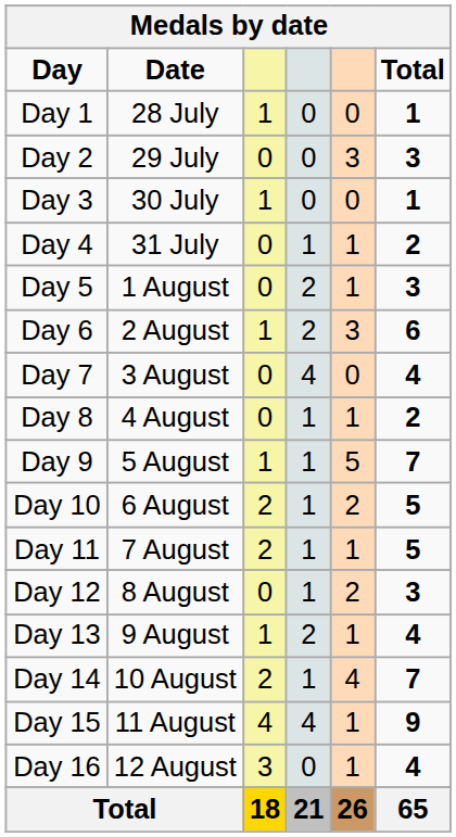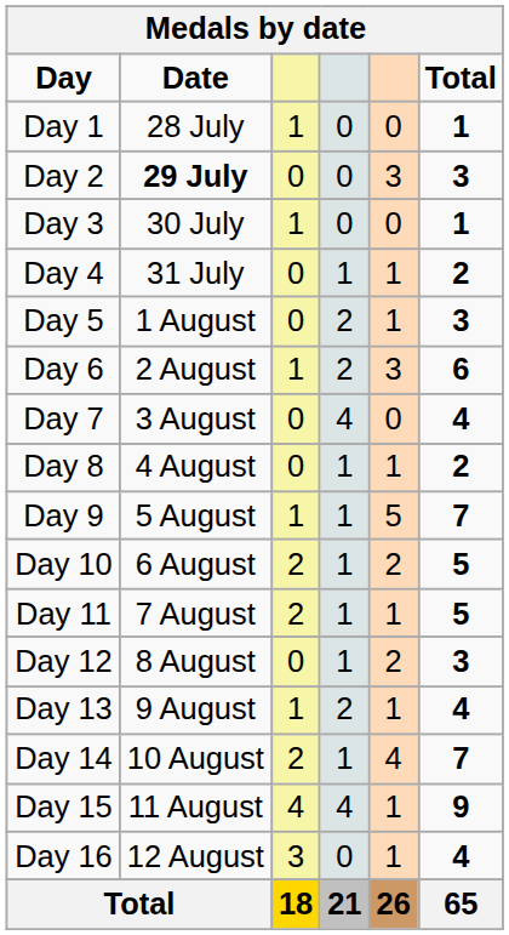 <table class=wikitable style="font-size:85%; float:right;">
 <tr bgcolor=efefef>
 <th colspan=7>Medals by date</th>
 </tr>
 <tr align=center>
 <td><strong>Day</strong></td>
 <td><strong>Date</strong></td>
 <td bgcolor=#f7f6a8></td>
 <td bgcolor=#dce5e5></td>
 <td bgcolor=#ffdab9></td>
 <td><strong>Total</strong></td>
 </tr>
 <tr align=center>
 <td>Day 1</td>
 <td>28 July</td>
 <td bgcolor=F7F6A8>1</td>
 <td bgcolor=DCE5E5>0</td>
 <td bgcolor=FFDAB9>0</td>
 <td><strong>1</strong></td>
 </tr>
 <tr align=center>
 <td>Day 2</td>
-<td>29 July</td>
+<td><strong>29 July</strong></td>
 <td bgcolor=F7F6A8>0</td>
 <td bgcolor=DCE5E5>0</td>
 <td bgcolor=FFDAB9>3</td>
 <td><strong>3</strong></td>
 </tr>
 <tr align=center>
 <td>Day 3</td>
 <td>30 July</td>
 <td bgcolor=F7F6A8>1</td>
 <td bgcolor=DCE5E5>0</td>
 <td bgcolor=FFDAB9>0</td>
 <td><strong>1</strong></td>
 </tr>
 <tr align=center>
 <td>Day 4</td>
 <td>31 July</td>
 <td bgcolor=F7F6A8>0</td>
 <td bgcolor=DCE5E5>1</td>
 <td bgcolor=FFDAB9>1</td>
 <td><strong>2</strong></td>
 </tr>
 <tr align=center>
 <td>Day 5</td>
 <td>1 August</td>
 <td bgcolor=F7F6A8>0</td>
 <td bgcolor=DCE5E5>2</td>
 <td bgcolor=FFDAB9>1</td>
 <td><strong>3</strong></td>
 </tr>
 <tr align=center>
 <td>Day 6</td>
 <td>2 August</td>
 <td bgcolor=F7F6A8>1</td>
 <td bgcolor=DCE5E5>2</td>
 <td bgcolor=FFDAB9>3</td>
 <td><strong>6</strong></td>
 </tr>
 <tr align=center>
 <td>Day 7</td>
 <td>3 August</td>
 <td bgcolor=F7F6A8>0</td>
 <td bgcolor=DCE5E5>4</td>
 <td bgcolor=FFDAB9>0</td>
 <td><strong>4</strong></td>
 </tr>
 <tr align=center>
 <td>Day 8</td>
 <td>4 August</td>
 <td bgcolor=F7F6A8>0</td>
 <td bgcolor=DCE5E5>1</td>
 <td bgcolor=FFDAB9>1</td>
 <td><strong>2</strong></td>
 </tr>
 <tr align=center>
 <td>Day 9</td>
 <td>5 August</td>
 <td bgcolor=F7F6A8>1</td>
 <td bgcolor=DCE5E5>1</td>
 <td bgcolor=FFDAB9>5</td>
 <td><strong>7</strong></td>
 </tr>
 <tr align=center>
 <td>Day 10</td>
 <td>6 August</td>
 <td bgcolor=F7F6A8>2</td>
 <td bgcolor=DCE5E5>1</td>
 <td bgcolor=FFDAB9>2</td>
 <td><strong>5</strong></td>
 </tr>
 <tr align=center>
 <td>Day 11</td>
 <td>7 August</td>
 <td bgcolor=F7F6A8>2</td>
 <td bgcolor=DCE5E5>1</td>
 <td bgcolor=FFDAB9>1</td>
 <td><strong>5</strong></td>
 </tr>
 <tr align=center>
 <td>Day 12</td>
 <td>8 August</td>
 <td bgcolor=F7F6A8>0</td>
 <td bgcolor=DCE5E5>1</td>
 <td bgcolor=FFDAB9>2</td>
 <td><strong>3</strong></td>
 </tr>
 <tr align=center>
 <td>Day 13</td>
 <td>9 August</td>
 <td bgcolor=F7F6A8>1</td>
 <td bgcolor=DCE5E5>2</td>
 <td bgcolor=FFDAB9>1</td>
 <td><strong>4</strong></td>
 </tr>
 <tr align=center>
 <td>Day 14</td>
 <td>10 August</td>
 <td bgcolor=F7F6A8>2</td>
 <td bgcolor=DCE5E5>1</td>
 <td bgcolor=FFDAB9>4</td>
 <td><strong>7</strong></td>
 </tr>
 <tr align=center>
 <td>Day 15</td>
 <td>11 August</td>
 <td bgcolor=F7F6A8>4</td>
 <td bgcolor=DCE5E5>4</td>
 <td bgcolor=FFDAB9>1</td>
 <td><strong>9</strong></td>
 </tr>
 <tr align=center>
 <td>Day 16</td>
 <td>12 August</td>
 <td bgcolor=F7F6A8>3</td>
 <td bgcolor=DCE5E5>0</td>
 <td bgcolor=FFDAB9>1</td>
 <td><strong>4</strong></td>
 </tr>
 <tr>
 <th colspan=2>Total</th>
 <th style="background:gold">18</th>
 <th style="background:silver">21</th>
 <th style="background:#c96">26</th>
 <th>65</th>
 </tr>
 </table>
